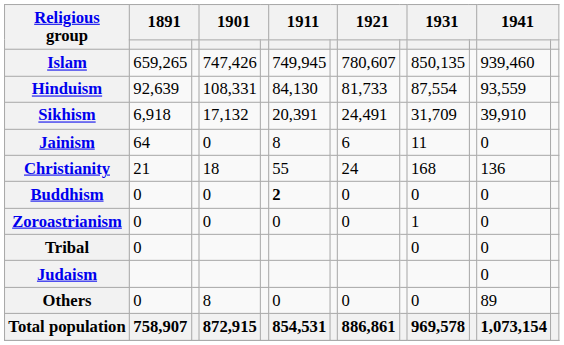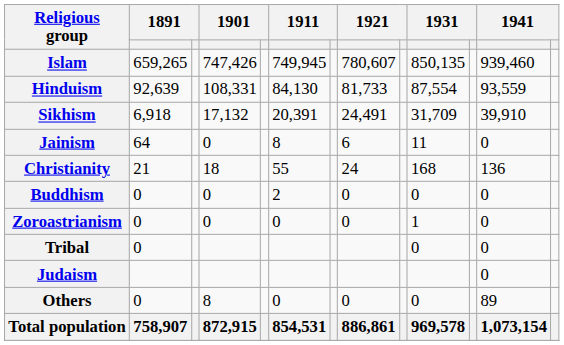 <table class="wikitable sortable">
 <tr>
 <th rowspan="2"><a href='#'>Religious</a><br>group</th>
 <th colspan="2">1891</th>
 <th colspan="2">1901</th>
 <th colspan="2">1911</th>
 <th colspan="2">1921</th>
 <th colspan="2">1931</th>
 <th colspan="2">1941</th>
 </tr>
 <tr>
 <th><a href='#'></a></th>
 <th></th>
 <th></th>
 <th></th>
 <th></th>
 <th></th>
 <th></th>
 <th></th>
 <th></th>
 <th></th>
 <th></th>
 <th></th>
 </tr>
 <tr>
 <th><a href='#'>Islam</a> </th>
 <td>659,265</td>
 <td></td>
 <td>747,426</td>
 <td></td>
 <td>749,945</td>
 <td></td>
 <td>780,607</td>
 <td></td>
 <td>850,135</td>
 <td></td>
 <td>939,460</td>
 <td></td>
 </tr>
 <tr>
 <th><a href='#'>Hinduism</a> </th>
 <td>92,639</td>
 <td></td>
 <td>108,331</td>
 <td></td>
 <td>84,130</td>
 <td></td>
 <td>81,733</td>
 <td></td>
 <td>87,554</td>
 <td></td>
 <td>93,559</td>
 <td></td>
 </tr>
 <tr>
 <th><a href='#'>Sikhism</a> </th>
 <td>6,918</td>
 <td></td>
 <td>17,132</td>
 <td></td>
 <td>20,391</td>
 <td></td>
 <td>24,491</td>
 <td></td>
 <td>31,709</td>
 <td></td>
 <td>39,910</td>
 <td></td>
 </tr>
 <tr>
 <th><a href='#'>Jainism</a> </th>
 <td>64</td>
 <td></td>
 <td>0</td>
 <td></td>
 <td>8</td>
 <td></td>
 <td>6</td>
 <td></td>
 <td>11</td>
 <td></td>
 <td>0</td>
 <td></td>
 </tr>
 <tr>
 <th><a href='#'>Christianity</a> </th>
 <td>21</td>
 <td></td>
 <td>18</td>
 <td></td>
 <td>55</td>
 <td></td>
 <td>24</td>
 <td></td>
 <td>168</td>
 <td></td>
 <td>136</td>
 <td></td>
 </tr>
 <tr>
 <th><a href='#'>Buddhism</a> </th>
 <td>0</td>
 <td></td>
 <td>0</td>
 <td></td>
-<td><strong>2</strong></td>
+<td>2</td>
 <td></td>
 <td>0</td>
 <td></td>
 <td>0</td>
 <td></td>
 <td>0</td>
 <td></td>
 </tr>
 <tr>
 <th><a href='#'>Zoroastrianism</a> </th>
 <td>0</td>
 <td></td>
 <td>0</td>
 <td></td>
 <td>0</td>
 <td></td>
 <td>0</td>
 <td></td>
 <td>1</td>
 <td></td>
 <td>0</td>
 <td></td>
 </tr>
 <tr>
 <th>Tribal</th>
 <td>0</td>
 <td></td>
 <td></td>
 <td></td>
 <td></td>
 <td></td>
 <td></td>
 <td></td>
 <td>0</td>
 <td></td>
 <td>0</td>
 <td></td>
 </tr>
 <tr>
 <th><a href='#'>Judaism</a> </th>
 <td></td>
 <td></td>
 <td></td>
 <td></td>
 <td></td>
 <td></td>
 <td></td>
 <td></td>
 <td></td>
 <td></td>
 <td>0</td>
 <td></td>
 </tr>
 <tr>
 <th>Others</th>
 <td>0</td>
 <td></td>
 <td>8</td>
 <td></td>
 <td>0</td>
 <td></td>
 <td>0</td>
 <td></td>
 <td>0</td>
 <td></td>
 <td>89</td>
 <td></td>
 </tr>
 <tr>
 <th>Total population</th>
 <th>758,907</th>
 <th></th>
 <th>872,915</th>
 <th></th>
 <th>854,531</th>
 <th></th>
 <th>886,861</th>
 <th></th>
 <th>969,578</th>
 <th></th>
 <th>1,073,154</th>
 <th></th>
 </tr>
 <tr class="sortbottom">
 </tr>
 </table>
